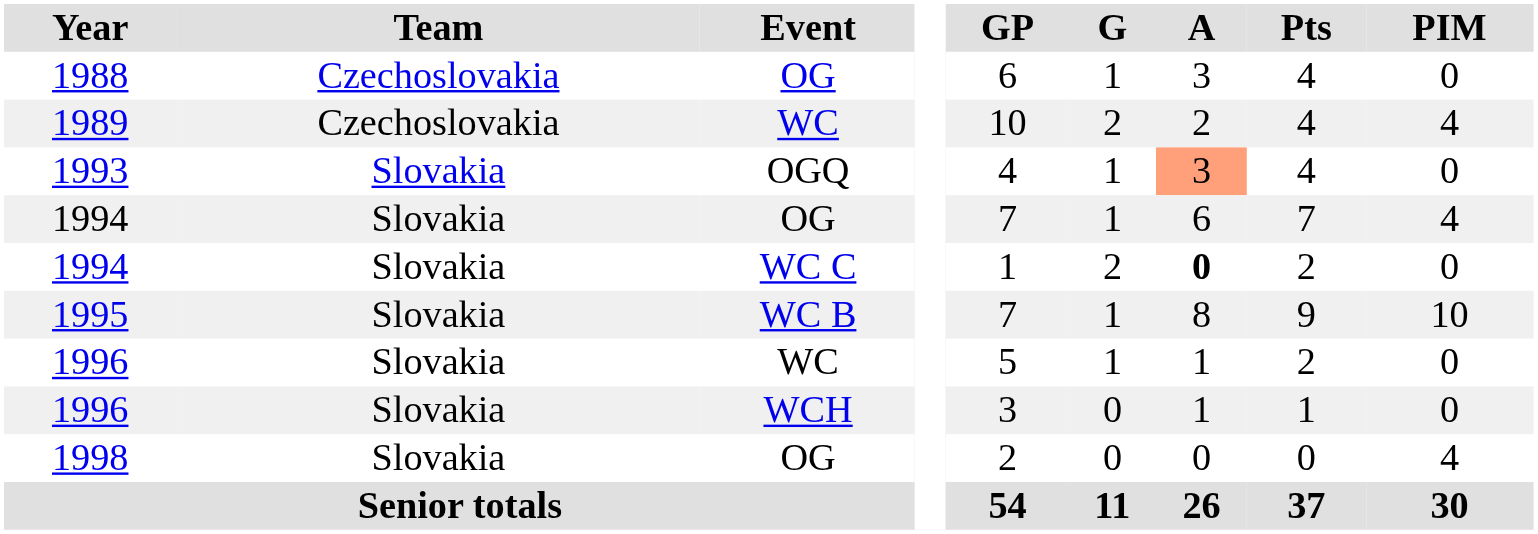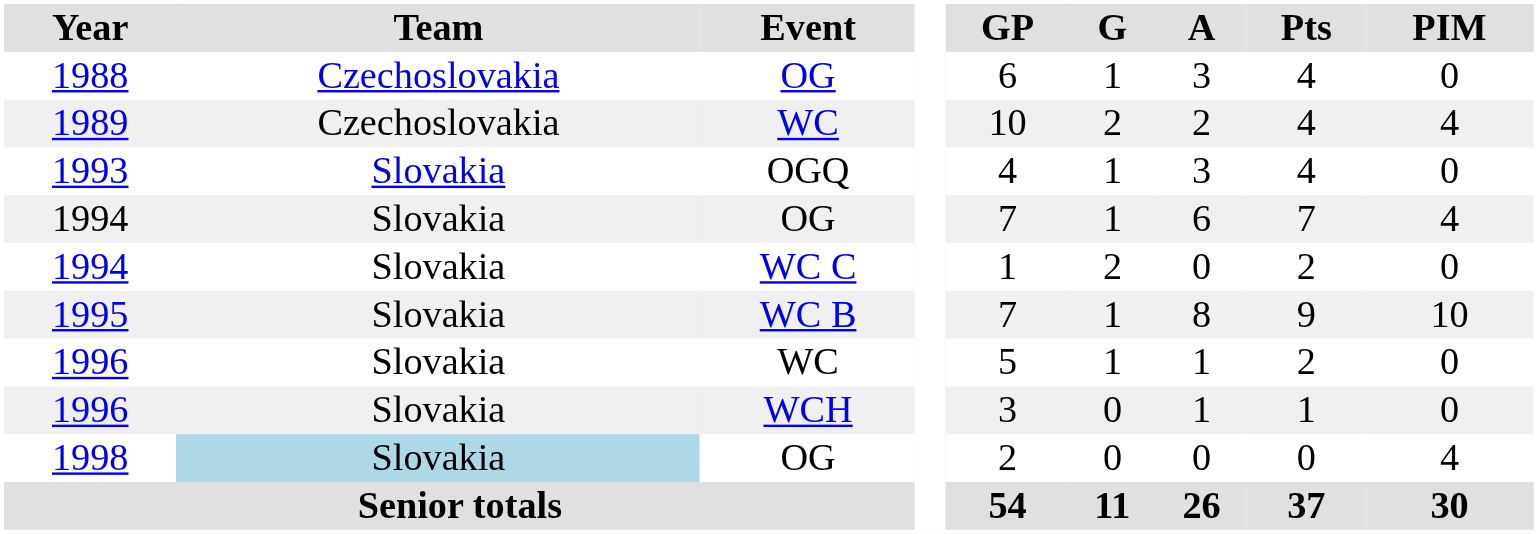 <table border="0" cellpadding="1" cellspacing="0" style="text-align:center; width:40em">
 <tr ALIGN="center" bgcolor="#e0e0e0">
 <th>Year</th>
 <th>Team</th>
 <th>Event</th>
 <th rowspan="99" bgcolor="#ffffff"> </th>
 <th>GP</th>
 <th>G</th>
 <th>A</th>
 <th>Pts</th>
 <th>PIM</th>
 </tr>
 <tr>
 <td><a href='#'>1988</a></td>
 <td><a href='#'>Czechoslovakia</a></td>
 <td><a href='#'>OG</a></td>
 <td>6</td>
 <td>1</td>
 <td>3</td>
 <td>4</td>
 <td>0</td>
 </tr>
 <tr bgcolor="#f0f0f0">
 <td><a href='#'>1989</a></td>
 <td>Czechoslovakia</td>
 <td><a href='#'>WC</a></td>
 <td>10</td>
 <td>2</td>
 <td>2</td>
 <td>4</td>
 <td>4</td>
 </tr>
 <tr>
 <td><a href='#'>1993</a></td>
 <td><a href='#'>Slovakia</a></td>
 <td>OGQ</td>
 <td>4</td>
 <td>1</td>
-<td style="background: lightsalmon;">3</td>
+<td>3</td>
 <td>4</td>
 <td>0</td>
 </tr>
 <tr bgcolor="#f0f0f0">
 <td>1994</td>
 <td>Slovakia</td>
 <td>OG</td>
 <td>7</td>
 <td>1</td>
 <td>6</td>
 <td>7</td>
 <td>4</td>
 </tr>
 <tr>
 <td><a href='#'>1994</a></td>
 <td>Slovakia</td>
 <td><a href='#'>WC C</a></td>
 <td>1</td>
 <td>2</td>
-<td><strong>0</strong></td>
+<td>0</td>
 <td>2</td>
 <td>0</td>
 </tr>
 <tr bgcolor="#f0f0f0">
 <td><a href='#'>1995</a></td>
 <td>Slovakia</td>
 <td><a href='#'>WC B</a></td>
 <td>7</td>
 <td>1</td>
 <td>8</td>
 <td>9</td>
 <td>10</td>
 </tr>
 <tr>
 <td><a href='#'>1996</a></td>
 <td>Slovakia</td>
 <td>WC</td>
 <td>5</td>
 <td>1</td>
 <td>1</td>
 <td>2</td>
 <td>0</td>
 </tr>
 <tr bgcolor="#f0f0f0">
 <td><a href='#'>1996</a></td>
 <td>Slovakia</td>
 <td><a href='#'>WCH</a></td>
 <td>3</td>
 <td>0</td>
 <td>1</td>
 <td>1</td>
 <td>0</td>
 </tr>
 <tr>
 <td><a href='#'>1998</a></td>
-<td>Slovakia</td>
+<td style="background: lightblue;">Slovakia</td>
 <td>OG</td>
 <td>2</td>
 <td>0</td>
 <td>0</td>
 <td>0</td>
 <td>4</td>
 </tr>
 <tr bgcolor="#e0e0e0">
 <th colspan=3>Senior totals</th>
 <th>54</th>
 <th>11</th>
 <th>26</th>
 <th>37</th>
 <th>30</th>
 </tr>
 </table>
